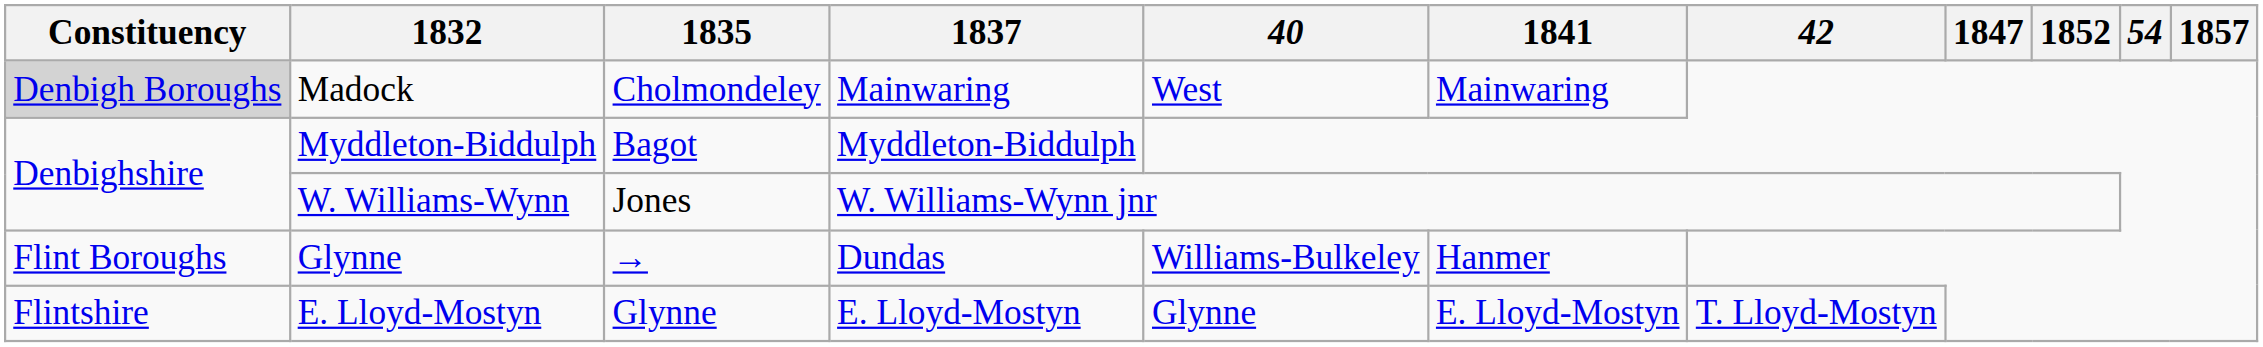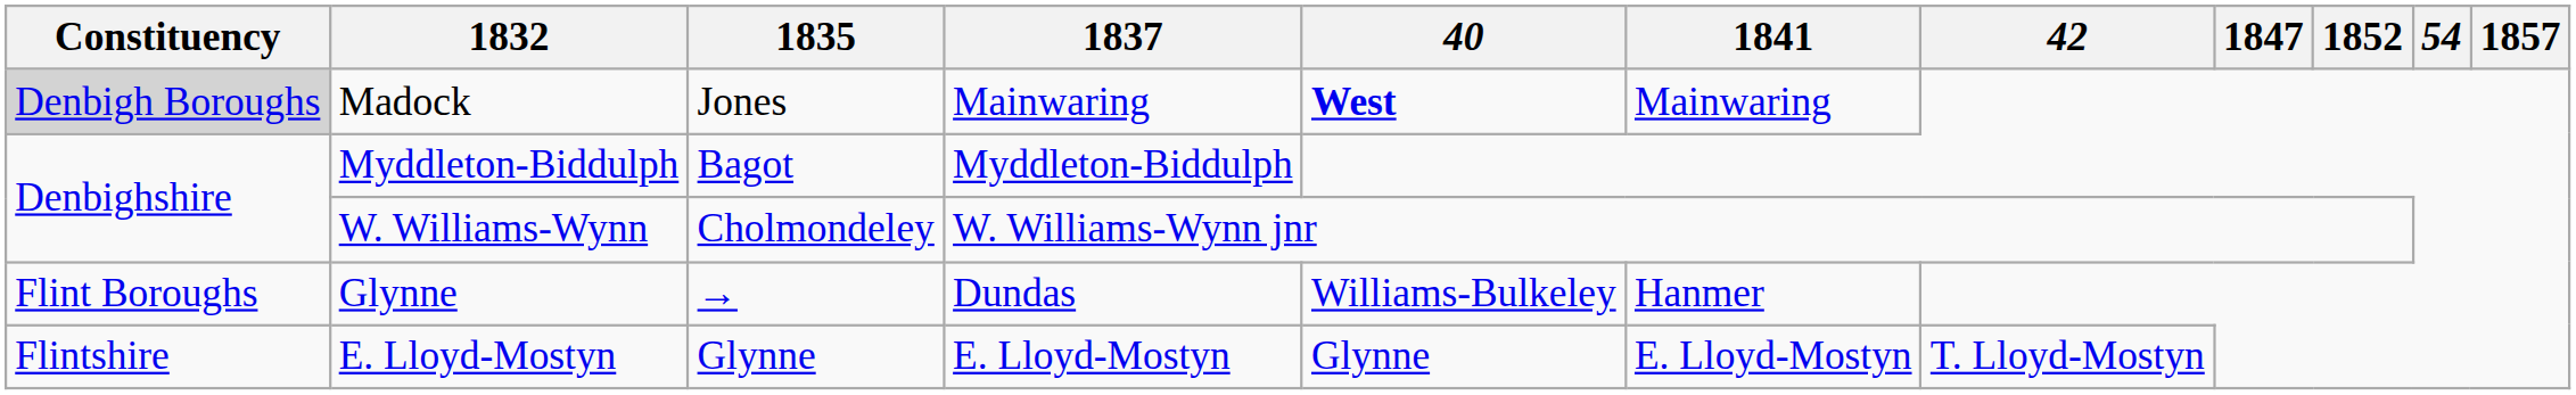 <table class="wikitable">
 <tr>
 <th>Constituency</th>
 <th>1832</th>
 <th>1835</th>
 <th>1837</th>
 <th><em>40</em></th>
 <th>1841</th>
 <th><em>42</em></th>
 <th>1847</th>
 <th>1852</th>
 <th><em>54</em></th>
 <th>1857</th>
 </tr>
 <tr>
 <td style="background: lightgrey;"><a href='#'>Denbigh Boroughs</a></td>
 <td>Madock</td>
-<td><a href='#'>Cholmondeley</a></td>
+<td>Jones</td>
 <td><a href='#'>Mainwaring</a></td>
-<td><a href='#'>West</a></td>
+<td><strong><a href='#'>West</a></strong></td>
 <td><a href='#'>Mainwaring</a></td>
 </tr>
 <tr>
 <td rowspan="2"><a href='#'>Denbighshire</a></td>
 <td><a href='#'>Myddleton-Biddulph</a></td>
 <td><a href='#'>Bagot</a></td>
 <td><a href='#'>Myddleton-Biddulph</a></td>
 </tr>
 <tr>
 <td><a href='#'>W. Williams-Wynn</a></td>
-<td>Jones</td>
+<td><a href='#'>Cholmondeley</a></td>
 <td colspan="6"><a href='#'>W. Williams-Wynn jnr</a></td>
 </tr>
 <tr>
 <td><a href='#'>Flint Boroughs</a></td>
 <td><a href='#'>Glynne</a></td>
 <td><a href='#'>→</a></td>
 <td><a href='#'>Dundas</a></td>
 <td><a href='#'>Williams-Bulkeley</a></td>
 <td><a href='#'>Hanmer</a></td>
 </tr>
 <tr>
 <td><a href='#'>Flintshire</a></td>
 <td><a href='#'>E. Lloyd-Mostyn</a></td>
 <td><a href='#'>Glynne</a></td>
 <td><a href='#'>E. Lloyd-Mostyn</a></td>
 <td><a href='#'>Glynne</a></td>
 <td><a href='#'>E. Lloyd-Mostyn</a></td>
 <td><a href='#'>T. Lloyd-Mostyn</a></td>
 </tr>
 </table>
